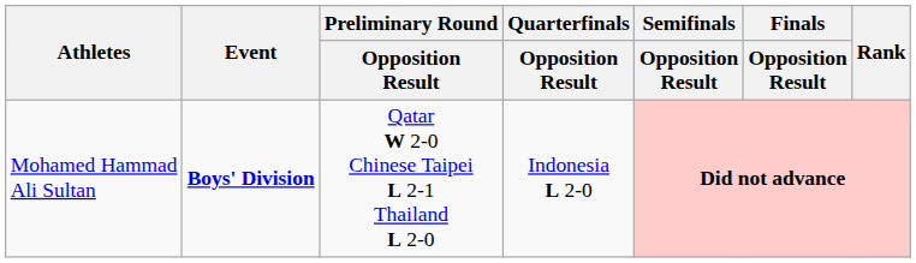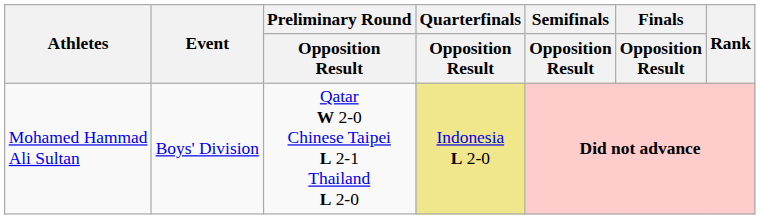 <table class="wikitable" style="font-size:90%">
 <tr>
 <th rowspan="2">Athletes</th>
 <th rowspan="2">Event</th>
 <th>Preliminary Round</th>
 <th>Quarterfinals</th>
 <th>Semifinals</th>
 <th>Finals</th>
 <th rowspan="2">Rank</th>
 </tr>
 <tr>
 <th>Opposition<br>Result</th>
 <th>Opposition<br>Result</th>
 <th>Opposition<br>Result</th>
 <th>Opposition<br>Result</th>
 </tr>
 <tr>
 <td><a href='#'>Mohamed Hammad</a><br><a href='#'>Ali Sultan</a></td>
-<td><strong><a href='#'>Boys' Division</a></strong></td>
+<td><a href='#'>Boys' Division</a></td>
 <td style="text-align:center;"> <a href='#'>Qatar</a> <br><strong>W</strong> 2-0<br> <a href='#'>Chinese Taipei</a><br><strong>L</strong> 2-1 <br> <a href='#'>Thailand</a> <br><strong>L</strong> 2-0</td>
-<td style="text-align:center;"> <a href='#'>Indonesia</a> <br><strong>L</strong> 2-0</td>
+<td style="background: khaki; text-align:center;"> <a href='#'>Indonesia</a> <br><strong>L</strong> 2-0</td>
 <td align=center colspan="3" bgcolor="#ffcccc"><strong>Did not advance</strong></td>
 </tr>
 </table>
